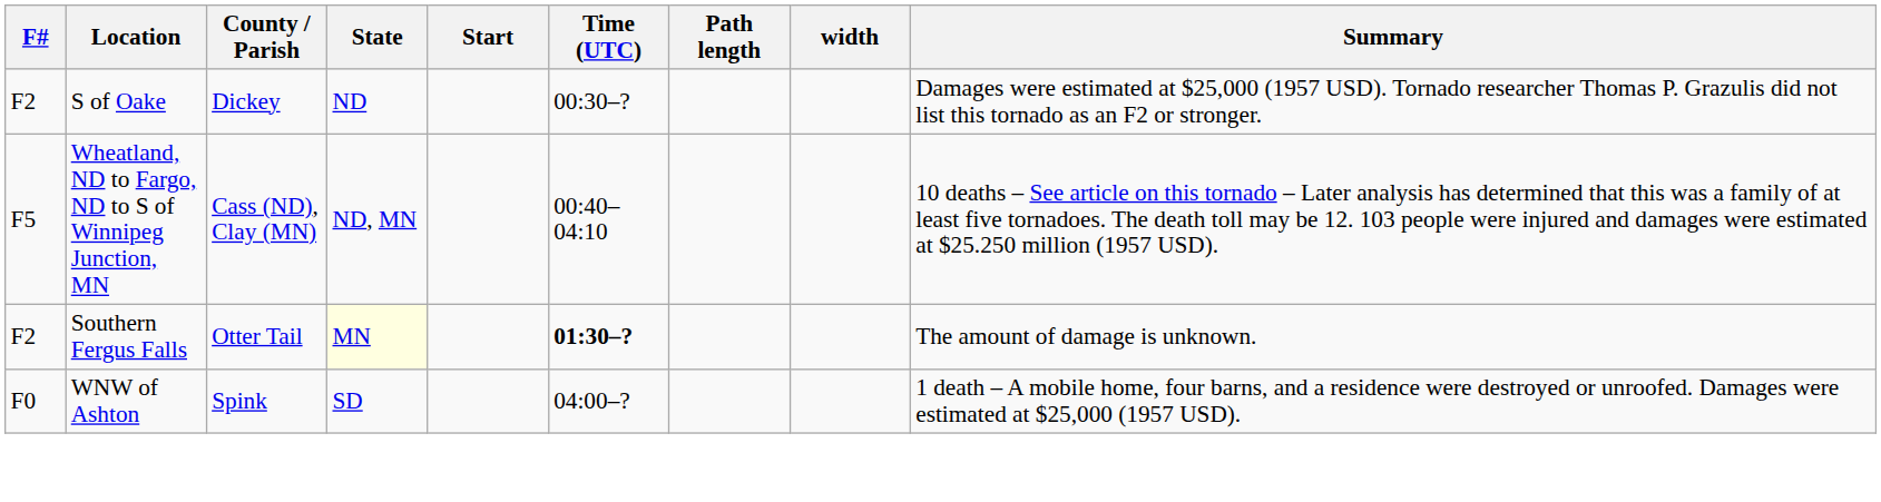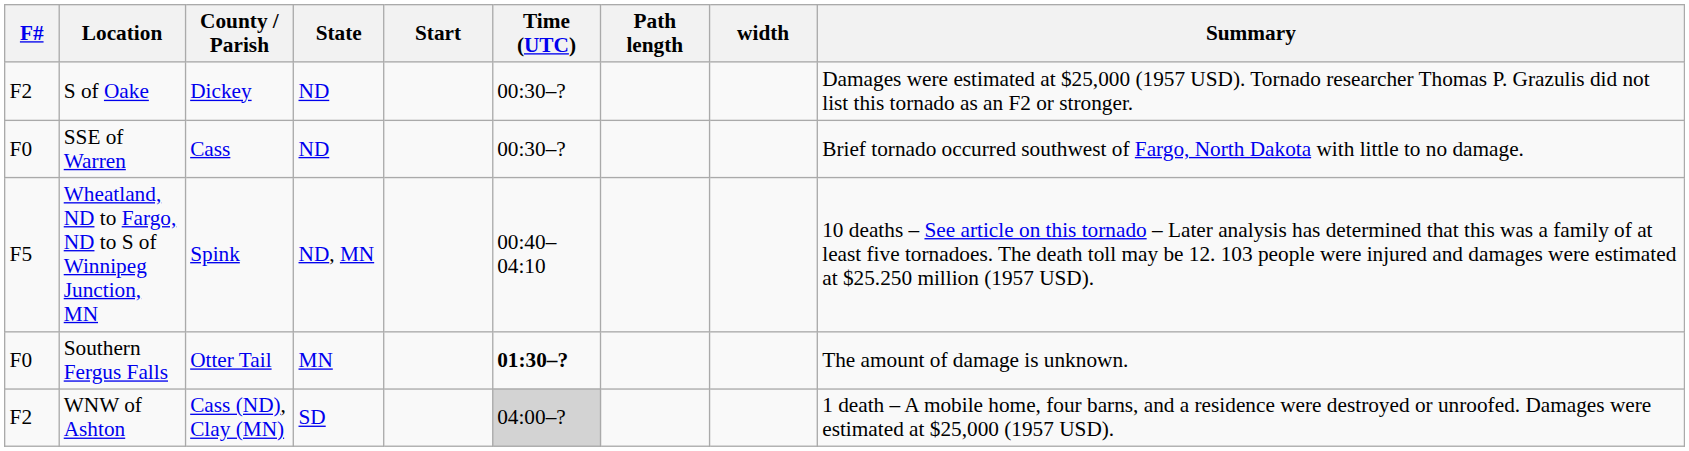 <table class="wikitable sortable" style="width:100%;">
 <tr>
 <th scope="col"  style="width:3%; text-align:center;"><a href='#'>F#</a></th>
 <th scope="col"  style="width:7%; text-align:center;" class="unsortable">Location</th>
 <th scope="col"  style="width:6%; text-align:center;" class="unsortable">County / Parish</th>
 <th scope="col"  style="width:5%; text-align:center;">State</th>
 <th scope="col"  style="width:6%; text-align:center;">Start<br></th>
 <th scope="col"  style="width:6%; text-align:center;">Time (<a href='#'>UTC</a>)</th>
 <th scope="col"  style="width:6%; text-align:center;">Path length</th>
 <th scope="col"  style="width:6%; text-align:center;"> width</th>
 <th scope="col" class="unsortable" style="width:48%; text-align:center;">Summary</th>
 </tr>
 <tr>
 <td>F2</td>
 <td>S of <a href='#'>Oake</a></td>
 <td><a href='#'>Dickey</a></td>
 <td><a href='#'>ND</a></td>
 <td></td>
 <td>00:30–?</td>
 <td></td>
 <td></td>
 <td>Damages were estimated at $25,000 (1957 USD). Tornado researcher Thomas P. Grazulis did not list this tornado as an F2 or stronger.</td>
 </tr>
 <tr>
+<td>F0</td>
+<td>SSE of <a href='#'>Warren</a></td>
+<td><a href='#'>Cass</a></td>
+<td><a href='#'>ND</a></td>
+<td></td>
+<td>00:30–?</td>
+<td></td>
+<td></td>
+<td>Brief tornado occurred southwest of <a href='#'>Fargo, North Dakota</a> with little to no damage.</td>
+</tr>
+<tr>
 <td>F5</td>
 <td><a href='#'>Wheatland, ND</a> to <a href='#'>Fargo, ND</a> to S of <a href='#'>Winnipeg Junction, MN</a></td>
-<td><a href='#'>Cass (ND)</a>, <a href='#'>Clay (MN)</a></td>
+<td><a href='#'>Spink</a></td>
 <td><a href='#'>ND</a>, <a href='#'>MN</a></td>
 <td></td>
 <td>00:40–04:10</td>
 <td></td>
 <td></td>
 <td>10 deaths – <a href='#'>See article on this tornado</a> – Later analysis has determined that this was a family of at least five tornadoes. The death toll may be 12. 103 people were injured and damages were estimated at $25.250 million (1957 USD).</td>
 </tr>
 <tr>
-<td>F2</td>
+<td>F0</td>
 <td>Southern <a href='#'>Fergus Falls</a></td>
 <td><a href='#'>Otter Tail</a></td>
-<td style="background: lightyellow;"><a href='#'>MN</a></td>
+<td><a href='#'>MN</a></td>
 <td></td>
 <td><strong>01:30–?</strong></td>
 <td></td>
 <td></td>
 <td>The amount of damage is unknown.</td>
 </tr>
 <tr>
-<td>F0</td>
+<td>F2</td>
 <td>WNW of <a href='#'>Ashton</a></td>
-<td><a href='#'>Spink</a></td>
+<td><a href='#'>Cass (ND)</a>, <a href='#'>Clay (MN)</a></td>
 <td><a href='#'>SD</a></td>
 <td></td>
-<td>04:00–?</td>
+<td style="background: lightgrey;">04:00–?</td>
 <td></td>
 <td></td>
 <td>1 death – A mobile home, four barns, and a residence were destroyed or unroofed. Damages were estimated at $25,000 (1957 USD).</td>
 </tr>
 </table>
